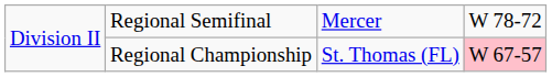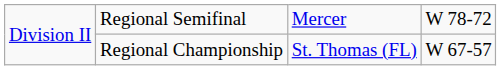 <table class="wikitable">
 <tr>
 <td rowspan="2"><a href='#'>Division II</a></td>
 <td>Regional Semifinal</td>
 <td><a href='#'>Mercer</a></td>
 <td>W 78-72</td>
 </tr>
 <tr>
 <td>Regional Championship</td>
 <td><a href='#'>St. Thomas (FL)</a></td>
-<td style="background: pink;">W 67-57</td>
+<td>W 67-57</td>
 </tr>
 </table>
